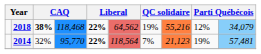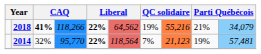 <table class="wikitable" style="float:right; width:400; font-size:90%; margin-left:1em;">
 <tr>
 <th colspan="2" scope="col">Year</th>
 <th colspan="2" scope="col"><a href='#'>CAQ</a></th>
 <th colspan="2" scope="col"><a href='#'>Liberal</a></th>
 <th colspan="2" scope="col"><a href='#'>QC solidaire</a></th>
 <th colspan="2" scope="col"><a href='#'>Parti Québécois</a></th>
 </tr>
 <tr>
 <td style="width: 0.25em; background-color: "></td>
 <th><a href='#'>2018</a></th>
-<td><strong>38%</strong></td>
-<td style="text-align:right; background:#1E90FF;"><em>118,468</em></td>
+<td><strong>41%</strong></td>
+<td style="text-align:right; background:#1E90FF;"><em>118,266</em></td>
 <td><strong>22%</strong></td>
 <td style="text-align:right; background:#EA6D6A;"><em>64,562</em></td>
 <td>19%</td>
 <td style="text-align:right; background:#FF8040;"><em>55,216</em></td>
-<td>12%</td>
+<td>21%</td>
 <td style="text-align:right; background:#87CEFA;"><em>34,079</em></td>
 </tr>
 <tr>
 <td style="width: 0.25em; background-color: "></td>
 <th><a href='#'>2014</a></th>
 <td>32%</td>
 <td style="text-align:right; background:#1E90FF;"><em>95,770</em></td>
 <td><strong>22%</strong></td>
 <td style="text-align:right; background:#EA6D6A;"><em>118,564</em></td>
 <td>7%</td>
 <td style="text-align:right; background:#FF8040;"><em>21,123</em></td>
 <td>19%</td>
 <td style="text-align:right; background:#87CEFA;"><em>57,481</em></td>
 </tr>
 <tr>
 </tr>
 </table>
